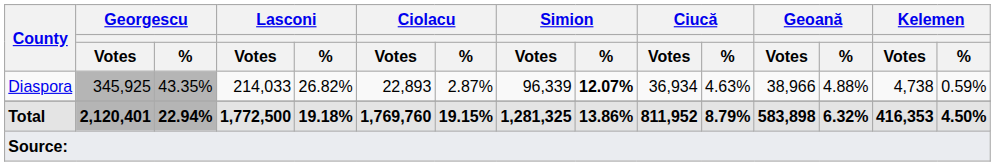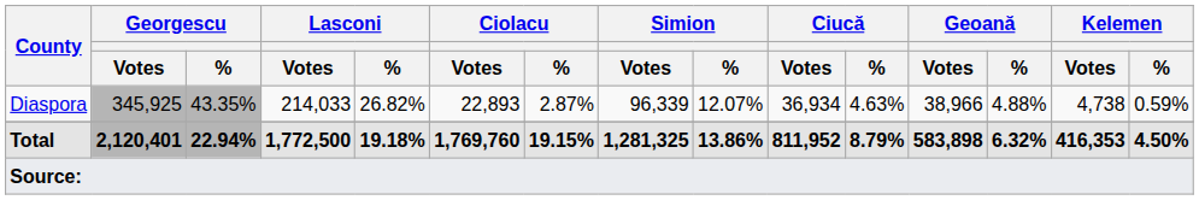 <table class="wikitable sortable collapsible mw-datatable" style="text-align:right; font-size:90%; line-height:20px">
 <tr>
 <th width="200" rowspan="3"><a href='#'>County</a></th>
 <th width="110" colspan="2"><a href='#'>Georgescu</a></th>
 <th width="110" colspan="2"><a href='#'>Lasconi</a></th>
 <th width="110" colspan="2"><a href='#'>Ciolacu</a></th>
 <th width="110" colspan="2"><a href='#'>Simion</a></th>
 <th width="110" colspan="2"><a href='#'>Ciucă</a></th>
 <th width="110" colspan="2"><a href='#'>Geoană</a></th>
 <th width="110" colspan="2"><a href='#'>Kelemen</a></th>
 </tr>
 <tr>
 <th colspan="2" style="background:"></th>
 <th colspan="2" style="background:"></th>
 <th colspan="2" style="background:"></th>
 <th colspan="2" style="background:"></th>
 <th colspan="2" style="background:"></th>
 <th colspan="2" style="background:"></th>
 <th colspan="2" style="background:"></th>
 </tr>
 <tr>
 <th>Votes</th>
 <th>%</th>
 <th>Votes</th>
 <th>%</th>
 <th>Votes</th>
 <th>%</th>
 <th>Votes</th>
 <th>%</th>
 <th>Votes</th>
 <th>%</th>
 <th>Votes</th>
 <th>%</th>
 <th>Votes</th>
 <th>%</th>
 </tr>
 <tr>
 <td align="left"><a href='#'>Diaspora</a></td>
 <td style="background:#B5B5B5;">345,925</td>
 <td style="background:#B5B5B5;">43.35%</td>
 <td>214,033</td>
 <td>26.82%</td>
 <td>22,893</td>
 <td>2.87%</td>
 <td>96,339</td>
-<td><strong>12.07%</strong></td>
+<td>12.07%</td>
 <td>36,934</td>
 <td>4.63%</td>
 <td>38,966</td>
 <td>4.88%</td>
 <td>4,738</td>
 <td>0.59%</td>
 </tr>
 <tr>
 </tr>
 <tr class="sortbottom" style="font-weight:bold; background:#E4E4E4;">
 <td align="left">Total</td>
 <td style="background:#B5B5B5;">2,120,401</td>
 <td style="background:#B5B5B5;">22.94%</td>
 <td>1,772,500</td>
 <td>19.18%</td>
 <td>1,769,760</td>
 <td>19.15%</td>
 <td>1,281,325</td>
 <td>13.86%</td>
 <td>811,952</td>
 <td>8.79%</td>
 <td>583,898</td>
 <td>6.32%</td>
 <td>416,353</td>
 <td>4.50%</td>
 </tr>
 <tr class="sortbottom">
 <td colspan="15" style="text-align:left; background-color:#eaecf0"><strong>Source:</strong> </td>
 </tr>
 </table>
